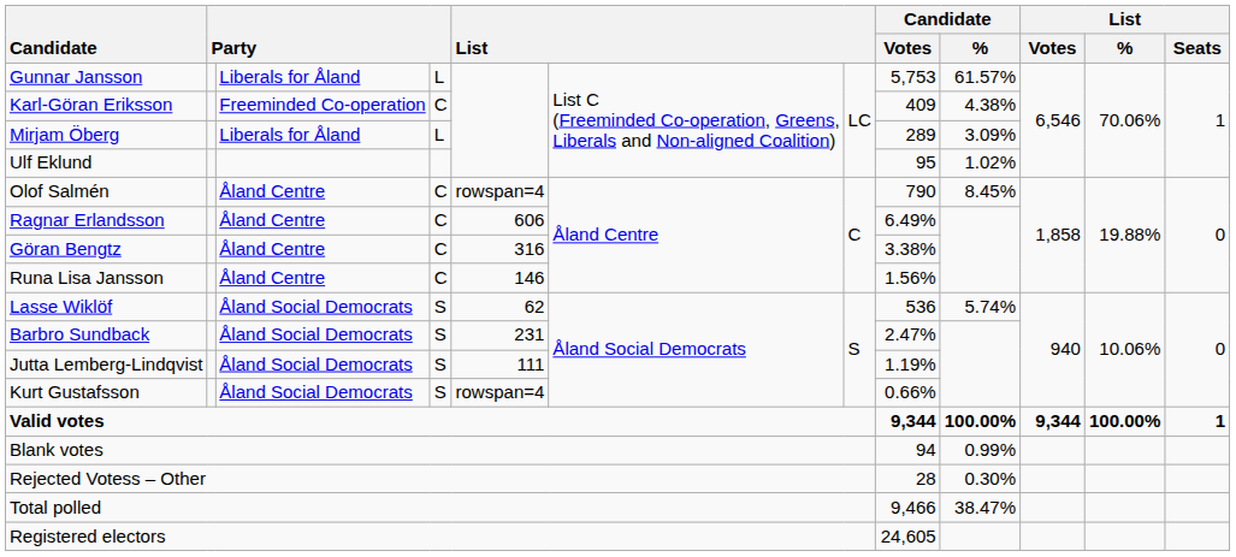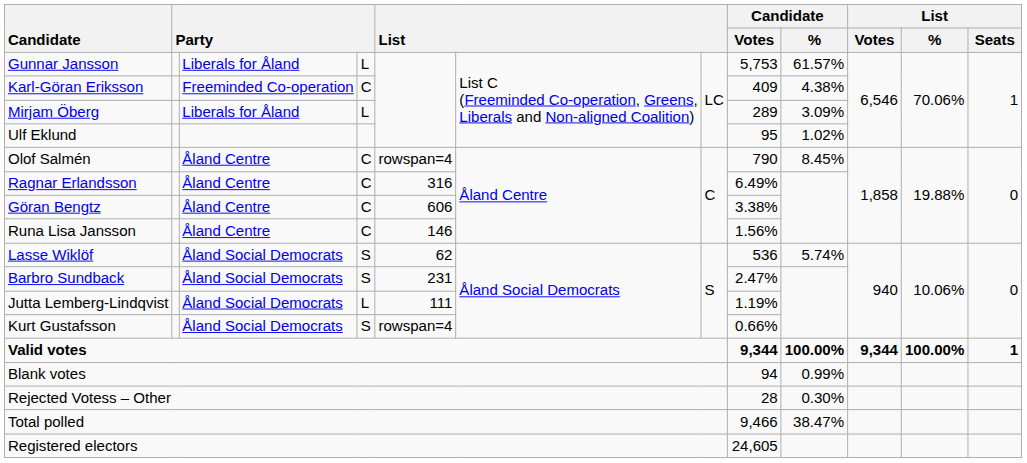 <table class="wikitable" border="1" style="text-align:right;">
 <tr>
 <th ! style="text-align:left;" valign=bottom rowspan=2>Candidate</th>
 <th style="text-align:left;" valign=bottom rowspan=2 colspan=3>Party</th>
 <th style="text-align:left;" valign=bottom rowspan=2 colspan=3>List</th>
 <th colspan=2>Candidate</th>
 <th colspan=3>List</th>
 </tr>
 <tr>
 <th align=center valign=bottom width="50">Votes</th>
 <th align=center valign=bottom width="50">%</th>
 <th align=center valign=bottom width="50">Votes</th>
 <th align=center valign=bottom width="50">%</th>
 <th align=center valign=bottom width="50">Seats</th>
 </tr>
 <tr>
 <td align=left><a href='#'>Gunnar Jansson</a></td>
 <td></td>
 <td align=left><a href='#'>Liberals for Åland</a></td>
 <td align=left>L</td>
 <td rowspan=4></td>
 <td rowspan=4 align=left>List C<br>(<a href='#'>Freeminded Co-operation</a>, <a href='#'>Greens</a>,<br><a href='#'>Liberals</a> and <a href='#'>Non-aligned Coalition</a>)</td>
 <td rowspan=4 align=left>LC</td>
 <td>5,753</td>
 <td>61.57%</td>
 <td rowspan=4>6,546</td>
 <td rowspan=4>70.06%</td>
 <td rowspan=4>1</td>
 </tr>
 <tr>
 <td align=left><a href='#'>Karl-Göran Eriksson</a></td>
 <td></td>
 <td align=left><a href='#'>Freeminded Co-operation</a></td>
 <td align=left>C</td>
 <td>409</td>
 <td>4.38%</td>
 </tr>
 <tr>
 <td align=left><a href='#'>Mirjam Öberg</a></td>
 <td></td>
 <td align=left><a href='#'>Liberals for Åland</a></td>
 <td align=left>L</td>
 <td>289</td>
 <td>3.09%</td>
 </tr>
 <tr>
 <td align=left>Ulf Eklund</td>
 <td></td>
 <td></td>
 <td></td>
 <td>95</td>
 <td>1.02%</td>
 </tr>
 <tr>
 <td align=left>Olof Salmén</td>
 <td></td>
 <td align=left><a href='#'>Åland Centre</a></td>
 <td align=left>C</td>
 <td>rowspan=4 </td>
 <td rowspan=4 align=left><a href='#'>Åland Centre</a></td>
 <td rowspan=4 align=left>C</td>
 <td>790</td>
 <td>8.45%</td>
 <td rowspan=4>1,858</td>
 <td rowspan=4>19.88%</td>
 <td rowspan=4>0</td>
 </tr>
 <tr>
 <td align=left><a href='#'>Ragnar Erlandsson</a></td>
 <td></td>
 <td align=left><a href='#'>Åland Centre</a></td>
 <td align=left>C</td>
-<td>606</td>
+<td>316</td>
 <td>6.49%</td>
 </tr>
 <tr>
 <td align=left><a href='#'>Göran Bengtz</a></td>
 <td></td>
 <td align=left><a href='#'>Åland Centre</a></td>
 <td align=left>C</td>
-<td>316</td>
+<td>606</td>
 <td>3.38%</td>
 </tr>
 <tr>
 <td align=left>Runa Lisa Jansson</td>
 <td></td>
 <td align=left><a href='#'>Åland Centre</a></td>
 <td align=left>C</td>
 <td>146</td>
 <td>1.56%</td>
 </tr>
 <tr>
 <td align=left><a href='#'>Lasse Wiklöf</a></td>
 <td></td>
 <td align=left><a href='#'>Åland Social Democrats</a></td>
 <td align=left>S</td>
 <td>62</td>
 <td rowspan=4 align=left><a href='#'>Åland Social Democrats</a></td>
 <td rowspan=4 align=left>S</td>
 <td>536</td>
 <td>5.74%</td>
 <td rowspan=4>940</td>
 <td rowspan=4>10.06%</td>
 <td rowspan=4>0</td>
 </tr>
 <tr>
 <td align=left><a href='#'>Barbro Sundback</a></td>
 <td></td>
 <td align=left><a href='#'>Åland Social Democrats</a></td>
 <td align=left>S</td>
 <td>231</td>
 <td>2.47%</td>
 </tr>
 <tr>
 <td align=left>Jutta Lemberg-Lindqvist</td>
 <td></td>
 <td align=left><a href='#'>Åland Social Democrats</a></td>
-<td align=left>S</td>
+<td align=left>L</td>
 <td>111</td>
 <td>1.19%</td>
 </tr>
 <tr>
 <td align=left>Kurt Gustafsson</td>
 <td></td>
 <td align=left><a href='#'>Åland Social Democrats</a></td>
 <td align=left>S</td>
 <td>rowspan=4 </td>
 <td>0.66%</td>
 </tr>
 <tr style="font-weight:bold">
 <td align=left colspan=7>Valid votes</td>
 <td>9,344</td>
 <td>100.00%</td>
 <td>9,344</td>
 <td>100.00%</td>
 <td>1</td>
 </tr>
 <tr>
 <td align=left colspan=7>Blank votes</td>
 <td>94</td>
 <td>0.99%</td>
 <td></td>
 <td></td>
 <td></td>
 </tr>
 <tr>
 <td align=left colspan=7>Rejected Votess – Other</td>
 <td>28</td>
 <td>0.30%</td>
 <td></td>
 <td></td>
 <td></td>
 </tr>
 <tr>
 <td align=left colspan=7>Total polled</td>
 <td>9,466</td>
 <td>38.47%</td>
 <td></td>
 <td></td>
 <td></td>
 </tr>
 <tr>
 <td align=left colspan=7>Registered electors</td>
 <td>24,605</td>
 <td></td>
 <td></td>
 <td></td>
 <td></td>
 </tr>
 </table>
